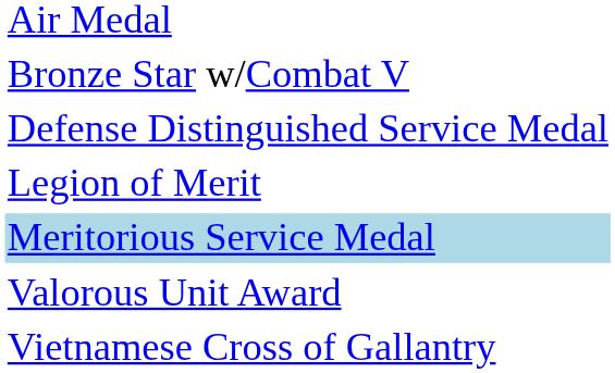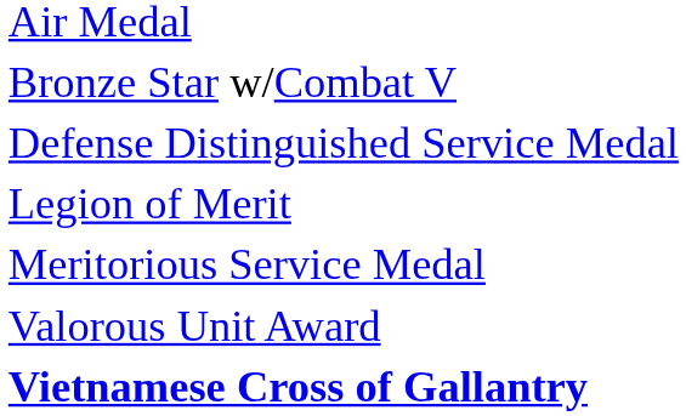 <table>
 <tr>
 <td> <a href='#'>Air Medal</a></td>
 </tr>
 <tr>
 <td> <a href='#'>Bronze Star</a> w/<a href='#'>Combat V</a></td>
 </tr>
 <tr>
 <td> <a href='#'>Defense Distinguished Service Medal</a></td>
 </tr>
 <tr>
 <td> <a href='#'>Legion of Merit</a></td>
 </tr>
 <tr>
-<td style="background: lightblue;"> <a href='#'>Meritorious Service Medal</a></td>
+<td> <a href='#'>Meritorious Service Medal</a></td>
 </tr>
 <tr>
 <td> <a href='#'>Valorous Unit Award</a></td>
 </tr>
 <tr>
-<td> <a href='#'>Vietnamese Cross of Gallantry</a></td>
+<td><strong> <a href='#'>Vietnamese Cross of Gallantry</a></strong></td>
 </tr>
 </table>
